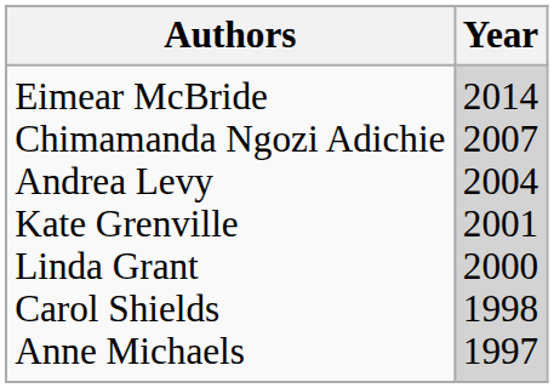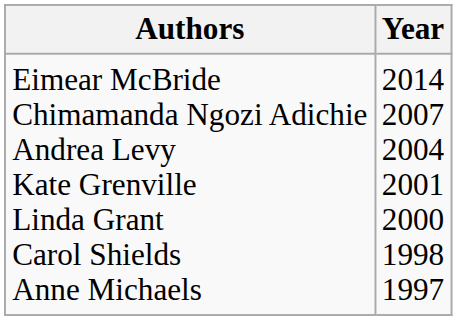 <table class="wikitable">
 <tr>
 <th>Authors</th>
 <th>Year</th>
 </tr>
 <tr>
 <td>Eimear McBride<br>Chimamanda Ngozi Adichie<br>Andrea Levy<br>Kate Grenville<br>Linda Grant<br>Carol Shields<br>Anne Michaels</td>
-<td style="background: lightgrey;">2014<br>2007<br>2004<br>2001<br>2000<br>1998<br>1997</td>
+<td>2014<br>2007<br>2004<br>2001<br>2000<br>1998<br>1997</td>
 </tr>
 </table>
